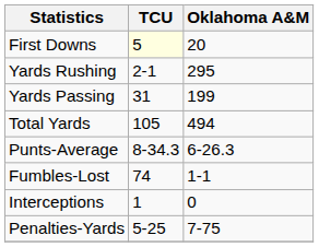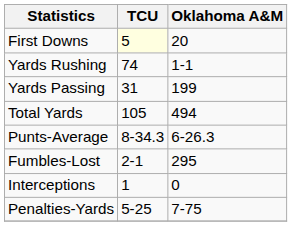 <table class="wikitable">
 <tr>
 <th>Statistics</th>
 <th>TCU</th>
 <th>Oklahoma A&M</th>
 </tr>
 <tr>
 <td>First Downs</td>
 <td style="background: lightyellow;">5</td>
 <td>20</td>
 </tr>
 <tr>
 <td>Yards Rushing</td>
-<td>2-1</td>
-<td>295</td>
+<td>74</td>
+<td>1-1</td>
 </tr>
 <tr>
 <td>Yards Passing</td>
 <td>31</td>
 <td>199</td>
 </tr>
 <tr>
 <td>Total Yards</td>
 <td>105</td>
 <td>494</td>
 </tr>
 <tr>
 <td>Punts-Average</td>
 <td>8-34.3</td>
 <td>6-26.3</td>
 </tr>
 <tr>
 <td>Fumbles-Lost</td>
-<td>74</td>
-<td>1-1</td>
+<td>2-1</td>
+<td>295</td>
 </tr>
 <tr>
 <td>Interceptions</td>
 <td>1</td>
 <td>0</td>
 </tr>
 <tr>
 <td>Penalties-Yards</td>
 <td>5-25</td>
 <td>7-75</td>
 </tr>
 <tr>
 </tr>
 </table>
